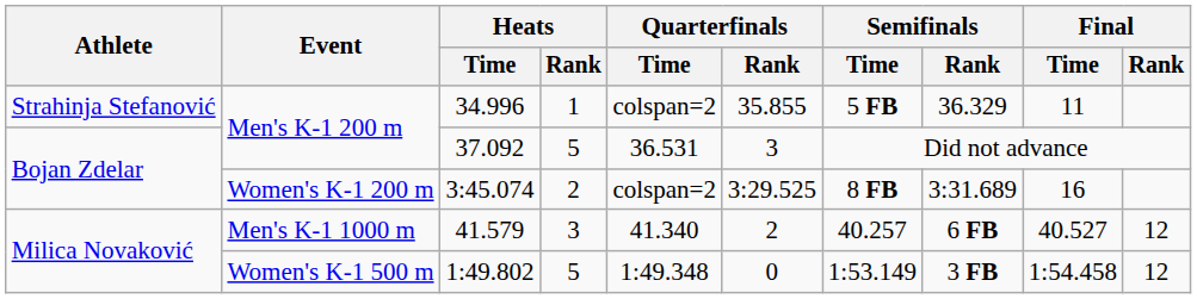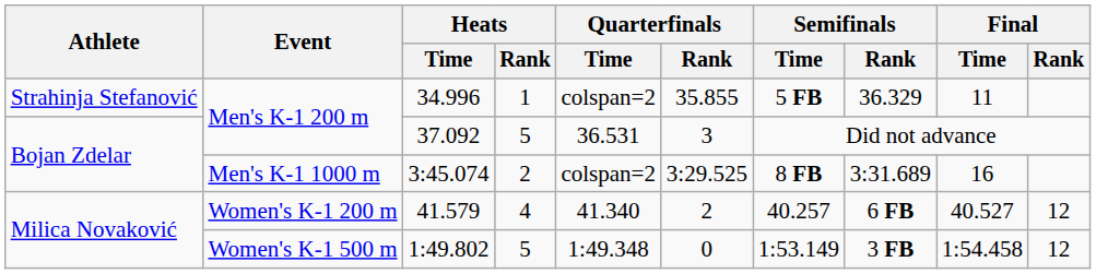 <table class=wikitable style="font-size:90%">
 <tr>
 <th rowspan="2">Athlete</th>
 <th rowspan="2">Event</th>
 <th colspan=2>Heats</th>
 <th colspan=2>Quarterfinals</th>
 <th colspan=2>Semifinals</th>
 <th colspan=2>Final</th>
 </tr>
 <tr style="font-size:95%">
 <th>Time</th>
 <th>Rank</th>
 <th>Time</th>
 <th>Rank</th>
 <th>Time</th>
 <th>Rank</th>
 <th>Time</th>
 <th>Rank</th>
 </tr>
 <tr align=center>
 <td align=left><a href='#'>Strahinja Stefanović</a></td>
 <td rowspan=2  align="left"><a href='#'>Men's K-1 200 m</a></td>
 <td>34.996</td>
 <td>1 <strong></strong></td>
 <td>colspan=2 </td>
 <td>35.855</td>
 <td>5 <strong>FB</strong></td>
 <td>36.329</td>
 <td>11</td>
 </tr>
 <tr align=center>
 <td rowspan=2 align="left"><a href='#'>Bojan Zdelar</a></td>
 <td>37.092</td>
 <td>5 <strong></strong></td>
 <td>36.531</td>
 <td>3</td>
 <td colspan=4>Did not advance</td>
 </tr>
 <tr align=center>
-<td align=left><a href='#'>Women's K-1 200 m</a></td>
+<td align=left><a href='#'>Men's K-1 1000 m</a></td>
 <td>3:45.074</td>
 <td>2 <strong></strong></td>
 <td>colspan=2 </td>
 <td>3:29.525</td>
 <td>8 <strong>FB</strong></td>
 <td>3:31.689</td>
 <td>16</td>
 </tr>
 <tr align=center>
 <td align=left rowspan=2><a href='#'>Milica Novaković</a></td>
-<td align=left><a href='#'>Men's K-1 1000 m</a></td>
+<td align=left><a href='#'>Women's K-1 200 m</a></td>
 <td>41.579</td>
-<td>3 <strong></strong></td>
+<td>4 <strong></strong></td>
 <td>41.340</td>
 <td>2 <strong></strong></td>
 <td>40.257</td>
 <td>6 <strong>FB</strong></td>
 <td>40.527</td>
 <td>12</td>
 </tr>
 <tr align=center>
 <td align=left><a href='#'>Women's K-1 500 m</a></td>
 <td>1:49.802</td>
 <td>5 <strong></strong></td>
 <td>1:49.348</td>
 <td>0 <strong></strong></td>
 <td>1:53.149</td>
 <td>3 <strong>FB</strong></td>
 <td>1:54.458</td>
 <td>12</td>
 </tr>
 </table>
